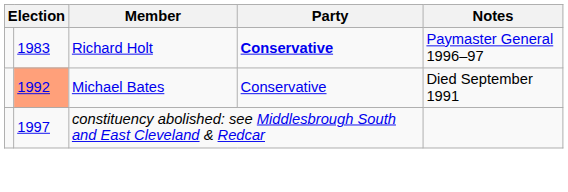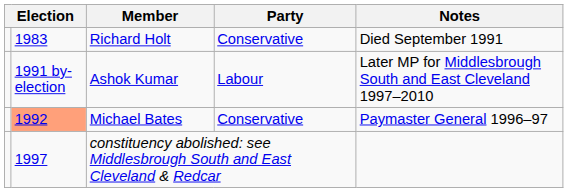 <table class="wikitable">
 <tr>
 <th colspan="2">Election</th>
 <th>Member</th>
 <th>Party</th>
 <th>Notes</th>
 </tr>
 <tr>
 <td style="color:inherit;background-color: "></td>
 <td><a href='#'>1983</a></td>
 <td><a href='#'>Richard Holt</a></td>
-<td><strong><a href='#'>Conservative</a></strong></td>
-<td><a href='#'>Paymaster General</a> 1996–97</td>
+<td><a href='#'>Conservative</a></td>
+<td>Died September 1991</td>
+</tr>
+<tr>
+<td style="color:inherit;background-color: "></td>
+<td><a href='#'>1991 by-election</a></td>
+<td><a href='#'>Ashok Kumar</a></td>
+<td><a href='#'>Labour</a></td>
+<td>Later MP for <a href='#'>Middlesbrough South and East Cleveland</a> 1997–2010</td>
 </tr>
 <tr>
 <td style="color:inherit;background-color: "></td>
 <td style="background: lightsalmon;"><a href='#'>1992</a></td>
 <td><a href='#'>Michael Bates</a></td>
 <td><a href='#'>Conservative</a></td>
-<td>Died September 1991</td>
+<td><a href='#'>Paymaster General</a> 1996–97</td>
 </tr>
 <tr>
 <td></td>
 <td><a href='#'>1997</a></td>
 <td colspan="2"><em>constituency abolished: see <a href='#'>Middlesbrough South and East Cleveland</a> & <a href='#'>Redcar</a></em></td>
 </tr>
 </table>
